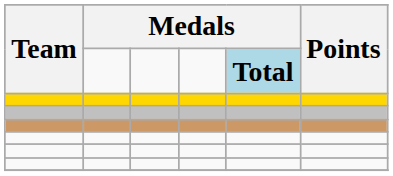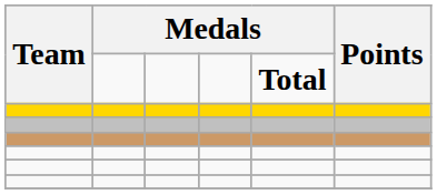 <table class="wikitable" style="text-align:center;">
 <tr>
 <th rowspan=2>Team</th>
 <th colspan=4>Medals</th>
 <th rowspan=2>Points</th>
 </tr>
 <tr>
 <td width=20px></td>
 <td width=20px></td>
 <td width=20px></td>
-<td style="background: lightblue;"><strong>Total</strong></td>
+<td><strong>Total</strong></td>
 </tr>
 <tr bgcolor=gold>
 <td align=left></td>
 <td></td>
 <td></td>
 <td></td>
 <td></td>
 <td></td>
 </tr>
 <tr bgcolor=silver>
 <td align=left></td>
 <td></td>
 <td></td>
 <td></td>
 <td></td>
 <td></td>
 </tr>
 <tr bgcolor="CC9966">
 <td align=left></td>
 <td></td>
 <td></td>
 <td></td>
 <td></td>
 <td></td>
 </tr>
 <tr>
 <td align=left></td>
 <td></td>
 <td></td>
 <td></td>
 <td></td>
 <td></td>
 </tr>
 <tr>
 <td align=left></td>
 <td></td>
 <td></td>
 <td></td>
 <td></td>
 <td></td>
 </tr>
 <tr>
 <td align=left></td>
 <td></td>
 <td></td>
 <td></td>
 <td></td>
 <td></td>
 </tr>
 <tr>
 </tr>
 </table>
